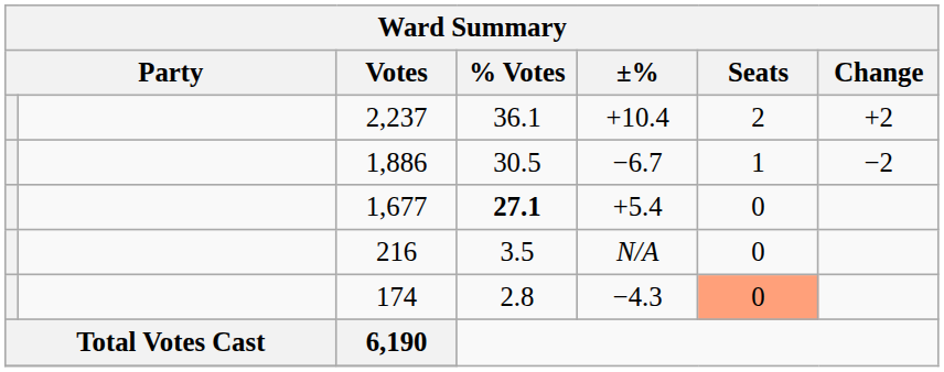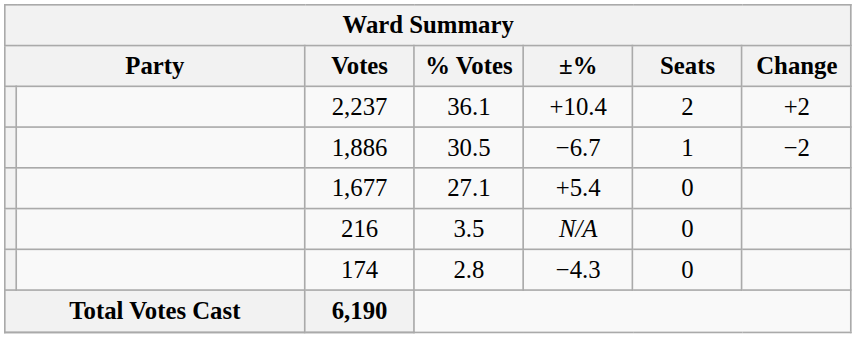 <table class="wikitable" style="font-size: 95%;">
 <tr>
 <th colspan="7">Ward Summary</th>
 </tr>
 <tr>
 <th colspan="2">Party</th>
 <th style="width: 60px">Votes</th>
 <th style="width: 60px">% Votes</th>
 <th style="width: 60px">±%</th>
 <th style="width: 60px">Seats</th>
 <th style="width: 60px">Change</th>
 </tr>
 <tr>
 <th style="background-color: "></th>
 <td style="width: 170px"><a href='#'></a></td>
 <td align="center">2,237</td>
 <td align="center">36.1</td>
 <td align="center">+10.4</td>
 <td align="center">2</td>
 <td align="center">+2</td>
 </tr>
 <tr>
 <th style="background-color: "></th>
 <td style="width: 170px"><a href='#'></a></td>
 <td align="center">1,886</td>
 <td align="center">30.5</td>
 <td align="center">−6.7</td>
 <td align="center">1</td>
 <td align="center">−2</td>
 </tr>
 <tr>
 <th style="background-color: "></th>
 <td style="width: 170px"><a href='#'></a></td>
 <td align="center">1,677</td>
-<td align="center"><strong>27.1</strong></td>
+<td align="center">27.1</td>
 <td align="center">+5.4</td>
 <td align="center">0</td>
 <td align="center"></td>
 </tr>
 <tr>
 <th style="background-color: "></th>
 <td style="width: 170px"><a href='#'></a></td>
 <td align="center">216</td>
 <td align="center">3.5</td>
 <td align="center"><em>N/A</em></td>
 <td align="center">0</td>
 <td align="center"></td>
 </tr>
 <tr>
 <th style="background-color: "></th>
 <td style="width: 170px"><a href='#'></a></td>
 <td align="center">174</td>
 <td align="center">2.8</td>
 <td align="center">−4.3</td>
-<td align="center" style="background: lightsalmon;">0</td>
+<td align="center">0</td>
 <td align="center"></td>
 </tr>
 <tr style="background-color:#E9E9E9">
 <th colspan="2">Total Votes Cast</th>
 <th style="width: 60px">6,190</th>
 </tr>
 <tr style="background-color:#E9E9E9">
 </tr>
 </table>
